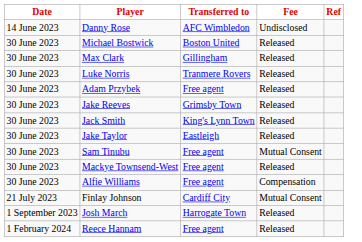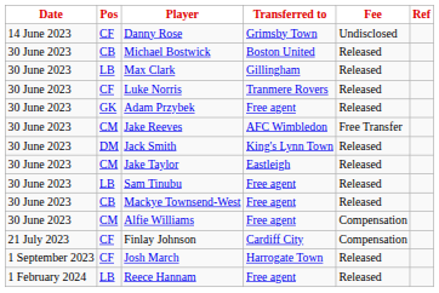 <table class="wikitable plainrowheaders sortable">
 <tr>
 <th style="background:white; color:#E00000; ">Date</th>
+<th style="background:white; color:#E00000; ">Pos</th>
 <th style="background:white; color:#E00000; ">Player</th>
 <th style="background:white; color:#E00000; ">Transferred to</th>
 <th style="background:white; color:#E00000; ">Fee</th>
 <th style="background:white; color:#E00000; ">Ref</th>
 </tr>
 <tr>
 <td>14 June 2023</td>
+<td><a href='#'>CF</a></td>
 <td> <a href='#'>Danny Rose</a></td>
-<td> <a href='#'>AFC Wimbledon</a></td>
+<td> <a href='#'>Grimsby Town</a></td>
 <td>Undisclosed</td>
 <td></td>
 </tr>
 <tr>
 <td>30 June 2023</td>
+<td><a href='#'>CB</a></td>
 <td> <a href='#'>Michael Bostwick</a></td>
 <td> <a href='#'>Boston United</a></td>
 <td>Released</td>
 <td></td>
 </tr>
 <tr>
 <td>30 June 2023</td>
+<td><a href='#'>LB</a></td>
 <td> <a href='#'>Max Clark</a></td>
 <td> <a href='#'>Gillingham</a></td>
 <td>Released</td>
 <td></td>
 </tr>
 <tr>
 <td>30 June 2023</td>
+<td><a href='#'>CF</a></td>
 <td> <a href='#'>Luke Norris</a></td>
 <td> <a href='#'>Tranmere Rovers</a></td>
 <td>Released</td>
 <td></td>
 </tr>
 <tr>
 <td>30 June 2023</td>
+<td><a href='#'>GK</a></td>
 <td> <a href='#'>Adam Przybek</a></td>
 <td> <a href='#'>Free agent</a></td>
 <td>Released</td>
 <td></td>
 </tr>
 <tr>
 <td>30 June 2023</td>
+<td><a href='#'>CM</a></td>
 <td> <a href='#'>Jake Reeves</a></td>
-<td> <a href='#'>Grimsby Town</a></td>
-<td>Released</td>
+<td> <a href='#'>AFC Wimbledon</a></td>
+<td>Free Transfer</td>
 <td></td>
 </tr>
 <tr>
 <td>30 June 2023</td>
+<td><a href='#'>DM</a></td>
 <td> <a href='#'>Jack Smith</a></td>
 <td> <a href='#'>King's Lynn Town</a></td>
 <td>Released</td>
 <td></td>
 </tr>
 <tr>
 <td>30 June 2023</td>
+<td><a href='#'>CM</a></td>
 <td> <a href='#'>Jake Taylor</a></td>
 <td> <a href='#'>Eastleigh</a></td>
 <td>Released</td>
 <td></td>
 </tr>
 <tr>
 <td>30 June 2023</td>
+<td><a href='#'>LB</a></td>
 <td> <a href='#'>Sam Tinubu</a></td>
 <td> <a href='#'>Free agent</a></td>
-<td>Mutual Consent</td>
+<td>Released</td>
 <td></td>
 </tr>
 <tr>
 <td>30 June 2023</td>
+<td><a href='#'>CB</a></td>
 <td> <a href='#'>Mackye Townsend-West</a></td>
 <td> <a href='#'>Free agent</a></td>
 <td>Released</td>
 <td></td>
 </tr>
 <tr>
 <td>30 June 2023</td>
+<td><a href='#'>CM</a></td>
 <td> <a href='#'>Alfie Williams</a></td>
 <td> <a href='#'>Free agent</a></td>
 <td>Compensation</td>
 <td></td>
 </tr>
 <tr>
 <td>21 July 2023</td>
+<td><a href='#'>CF</a></td>
 <td> Finlay Johnson</td>
 <td> <a href='#'>Cardiff City</a></td>
-<td>Mutual Consent</td>
+<td>Compensation</td>
 <td></td>
 </tr>
 <tr>
 <td>1 September 2023</td>
+<td><a href='#'>CF</a></td>
 <td> <a href='#'>Josh March</a></td>
 <td> <a href='#'>Harrogate Town</a></td>
 <td>Released</td>
 <td></td>
 </tr>
 <tr>
 <td>1 February 2024</td>
+<td><a href='#'>LB</a></td>
 <td> <a href='#'>Reece Hannam</a></td>
 <td> <a href='#'>Free agent</a></td>
 <td>Released</td>
 <td></td>
 </tr>
 </table>
